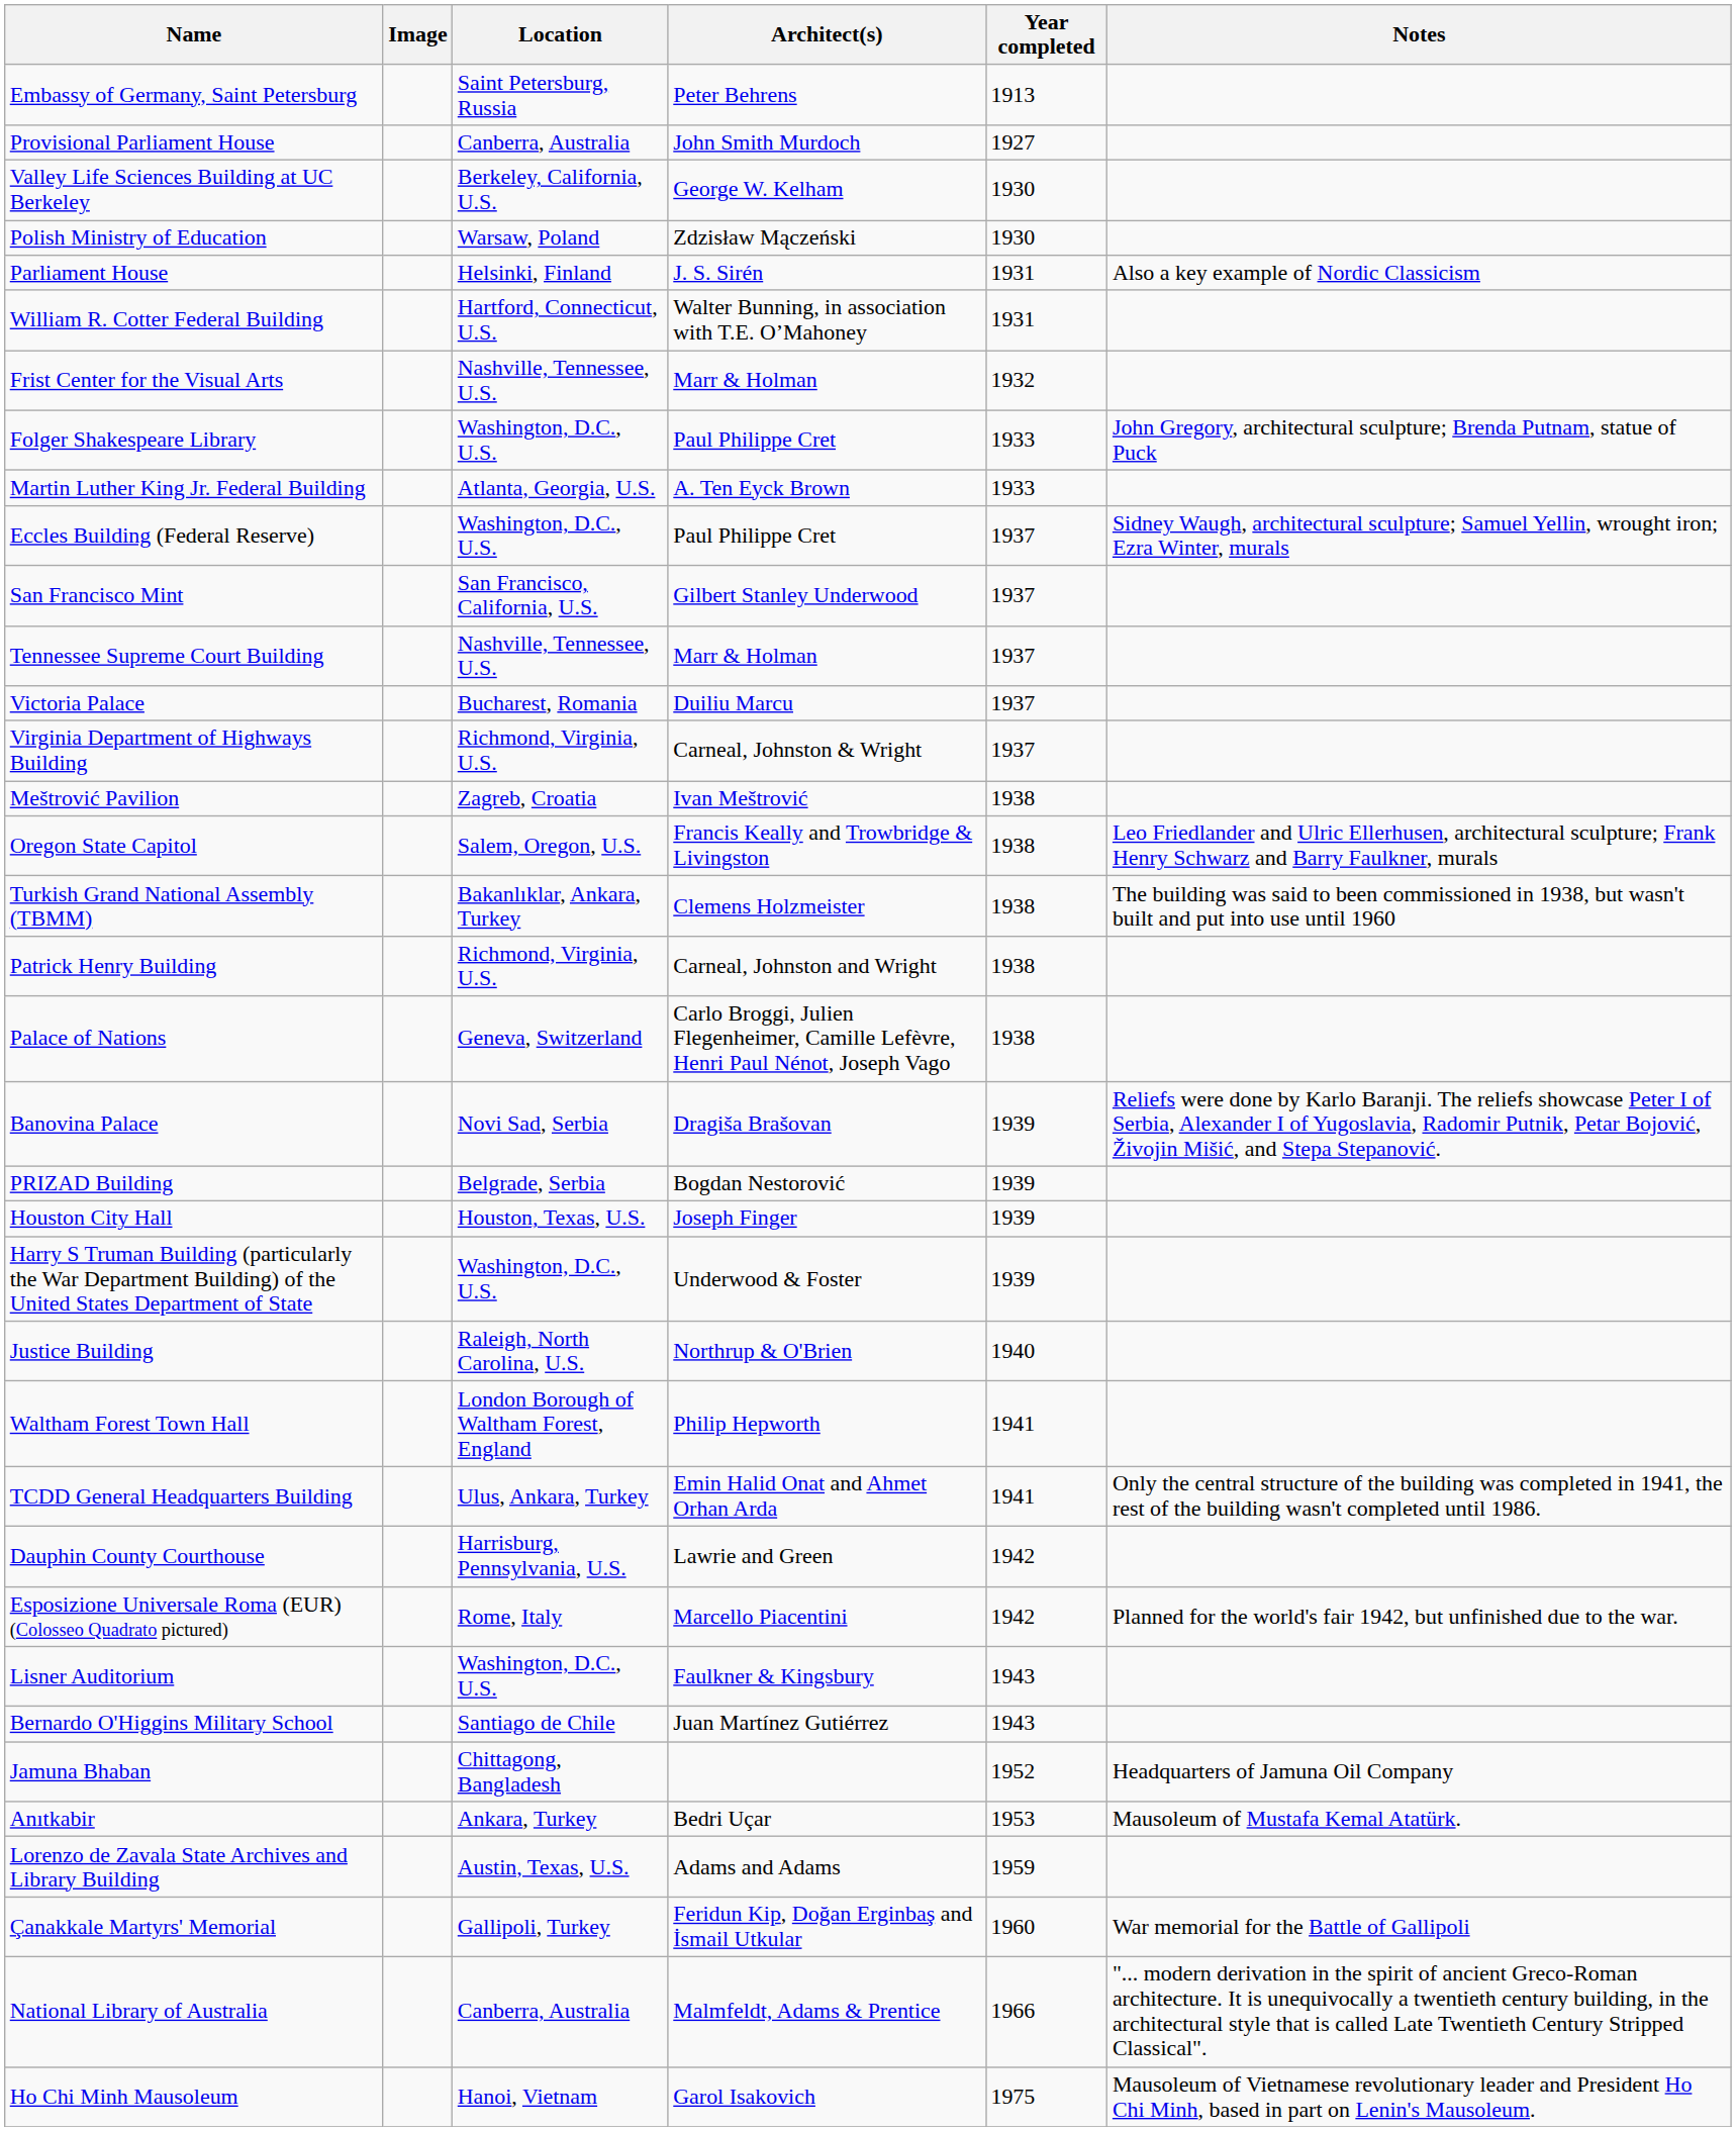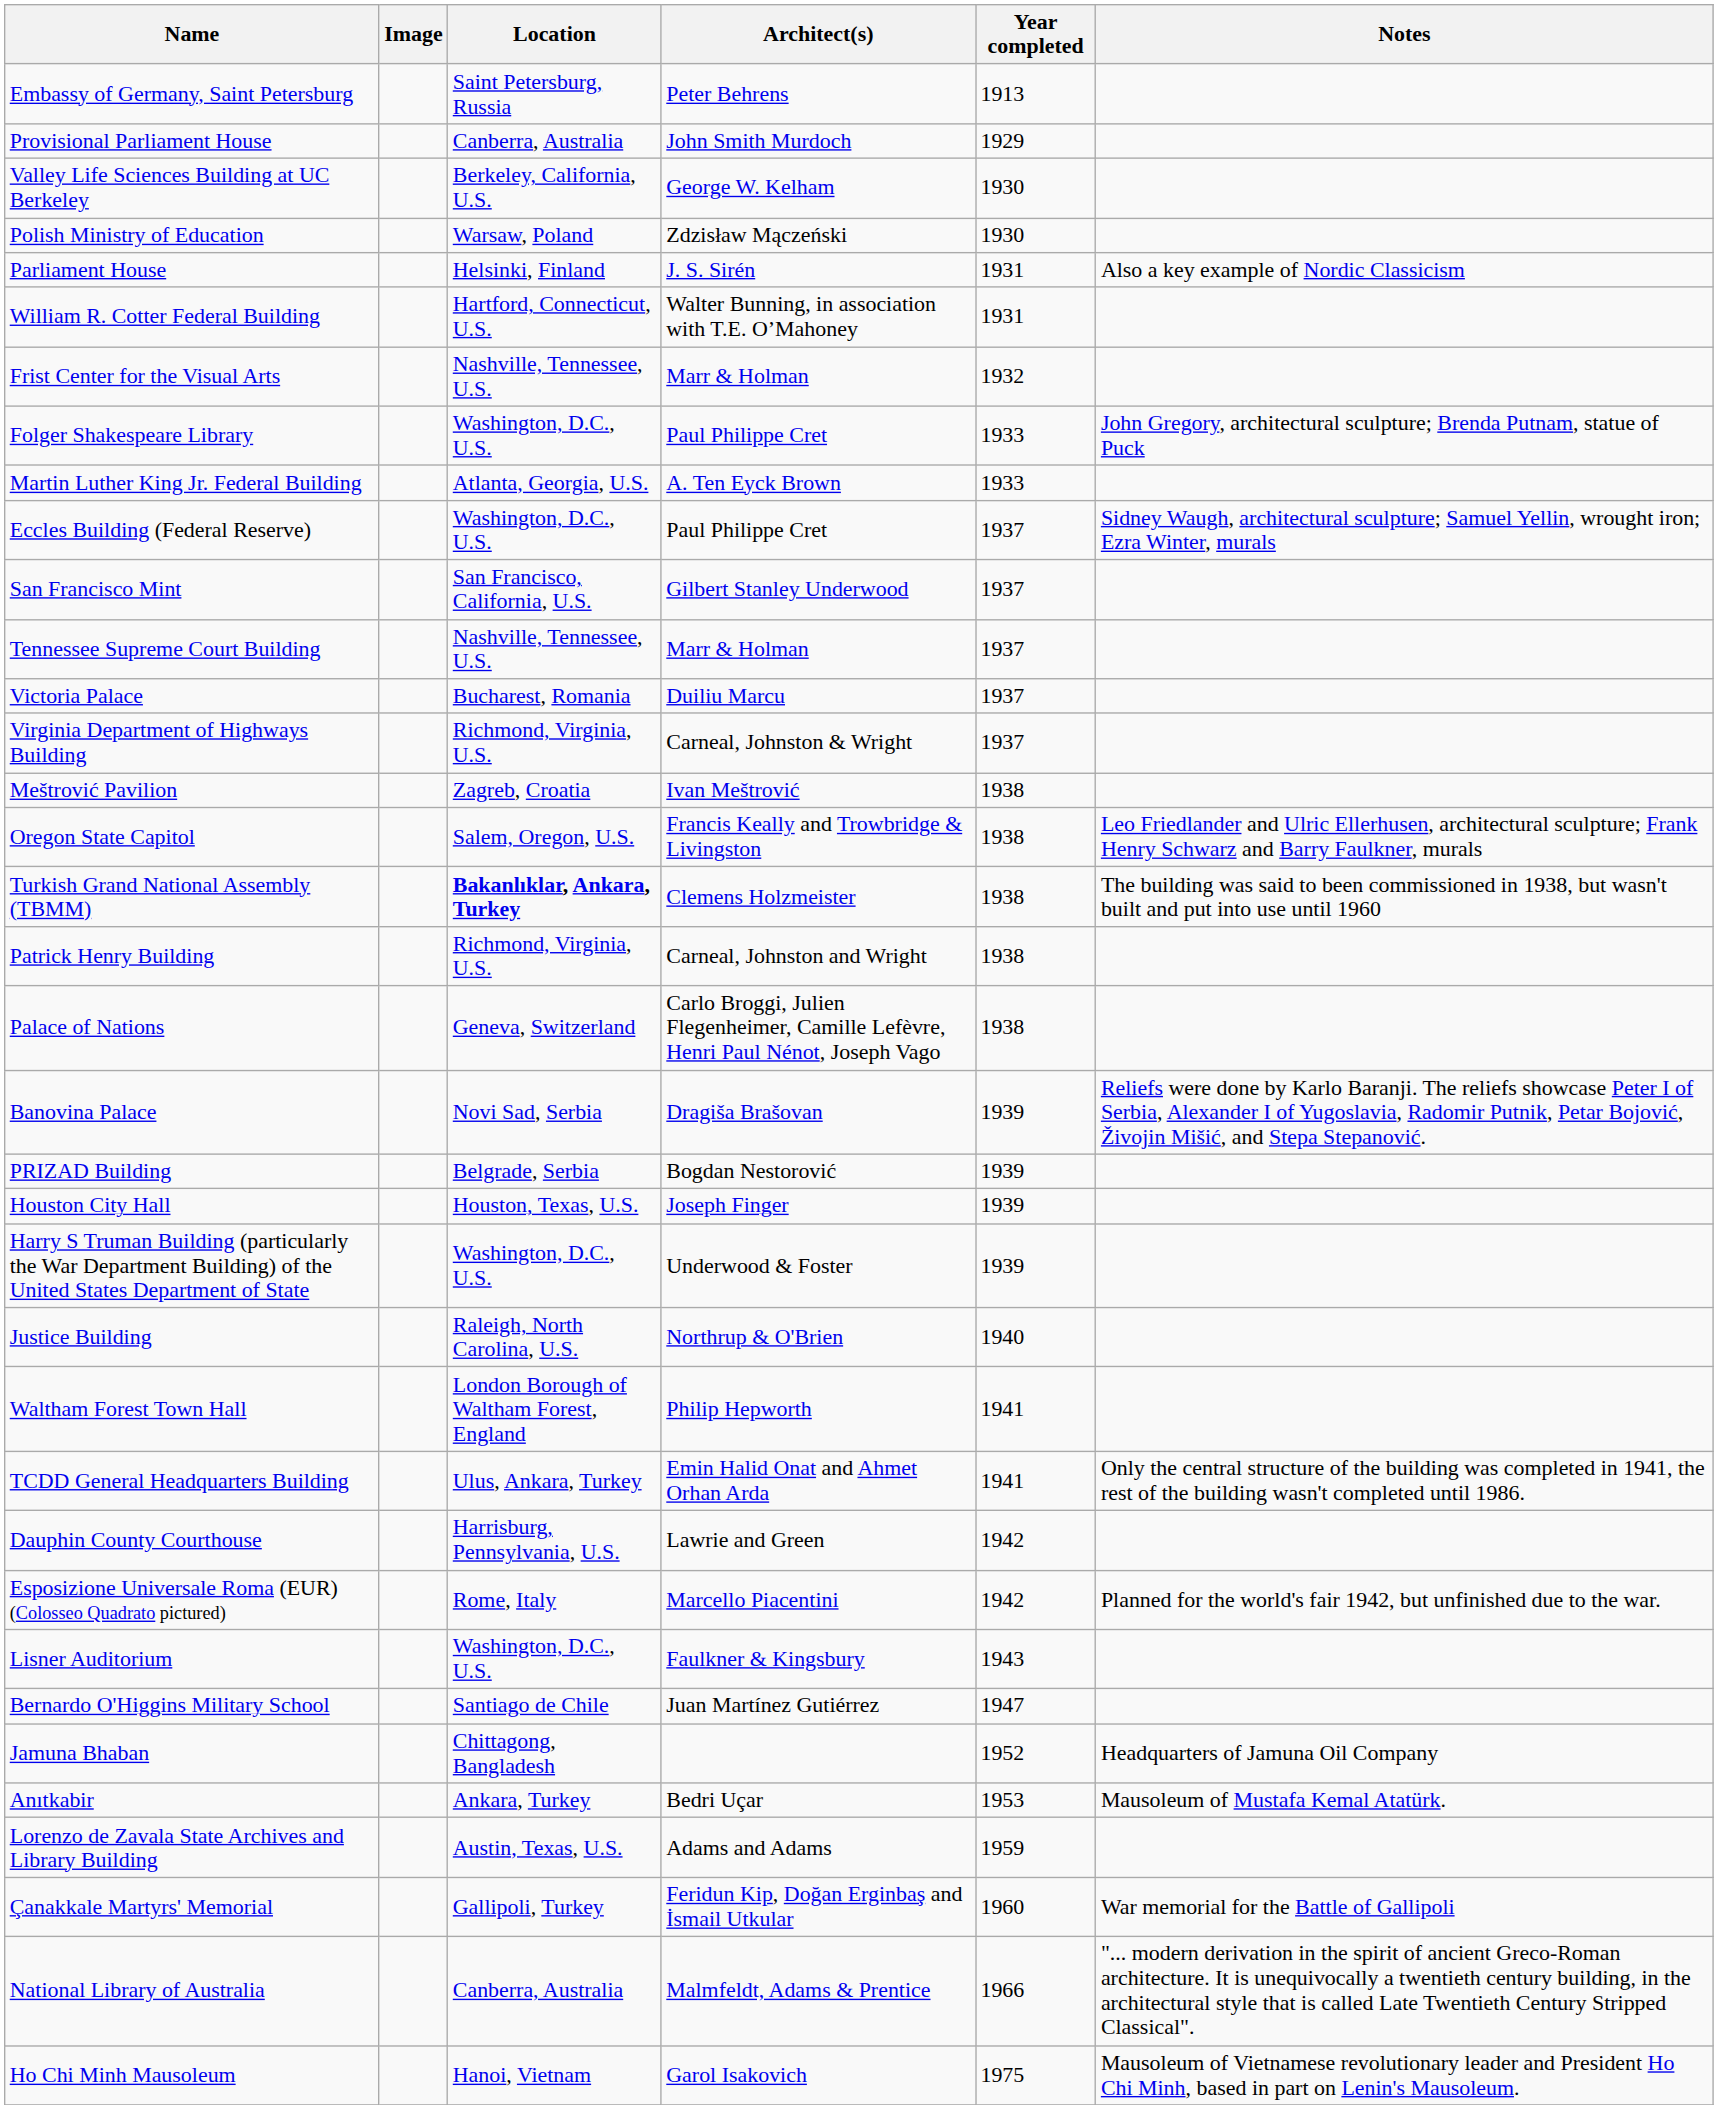 <table class="wikitable sortable">
 <tr>
 <th>Name</th>
 <th class="unsortable">Image</th>
 <th>Location</th>
 <th>Architect(s)</th>
 <th>Year completed</th>
 <th class="unsortable">Notes</th>
 </tr>
 <tr>
 <td><a href='#'>Embassy of Germany, Saint Petersburg</a></td>
 <td></td>
 <td><a href='#'>Saint Petersburg, Russia</a></td>
 <td><a href='#'>Peter Behrens</a></td>
 <td>1913</td>
 <td></td>
 </tr>
 <tr>
 <td><a href='#'>Provisional Parliament House</a></td>
 <td></td>
 <td><a href='#'>Canberra</a>, <a href='#'>Australia</a></td>
 <td><a href='#'>John Smith Murdoch</a></td>
-<td>1927</td>
+<td>1929</td>
 <td></td>
 </tr>
 <tr>
 <td><a href='#'>Valley Life Sciences Building at UC Berkeley</a></td>
 <td></td>
 <td><a href='#'>Berkeley, California</a>, <a href='#'>U.S.</a></td>
 <td><a href='#'>George W. Kelham</a></td>
 <td>1930</td>
 <td></td>
 </tr>
 <tr>
 <td><a href='#'>Polish Ministry of Education</a></td>
 <td></td>
 <td><a href='#'>Warsaw</a>, <a href='#'>Poland</a></td>
 <td>Zdzisław Mączeński</td>
 <td>1930</td>
 <td></td>
 </tr>
 <tr>
 <td><a href='#'>Parliament House</a></td>
 <td></td>
 <td><a href='#'>Helsinki</a>, <a href='#'>Finland</a></td>
 <td><a href='#'>J. S. Sirén</a></td>
 <td>1931</td>
 <td>Also a key example of <a href='#'>Nordic Classicism</a></td>
 </tr>
 <tr>
 <td><a href='#'>William R. Cotter Federal Building</a></td>
 <td></td>
 <td><a href='#'>Hartford, Connecticut</a>, <a href='#'>U.S.</a></td>
 <td>Walter Bunning, in association with T.E. O’Mahoney</td>
 <td>1931</td>
 <td></td>
 </tr>
 <tr>
 <td><a href='#'>Frist Center for the Visual Arts</a></td>
 <td></td>
 <td><a href='#'>Nashville, Tennessee</a>, <a href='#'>U.S.</a></td>
 <td><a href='#'>Marr & Holman</a></td>
 <td>1932</td>
 <td></td>
 </tr>
 <tr>
 <td><a href='#'>Folger Shakespeare Library</a></td>
 <td></td>
 <td><a href='#'>Washington, D.C.</a>, <a href='#'>U.S.</a></td>
 <td><a href='#'>Paul Philippe Cret</a></td>
 <td>1933</td>
 <td><a href='#'>John Gregory</a>, architectural sculpture; <a href='#'>Brenda Putnam</a>, statue of <a href='#'>Puck</a></td>
 </tr>
 <tr>
 <td><a href='#'>Martin Luther King Jr. Federal Building</a></td>
 <td></td>
 <td><a href='#'>Atlanta, Georgia</a>, <a href='#'>U.S.</a></td>
 <td><a href='#'>A. Ten Eyck Brown</a></td>
 <td>1933</td>
 <td></td>
 </tr>
 <tr>
 <td><a href='#'>Eccles Building</a> (Federal Reserve) </td>
 <td></td>
 <td><a href='#'>Washington, D.C.</a>, <a href='#'>U.S.</a></td>
 <td>Paul Philippe Cret</td>
 <td>1937</td>
 <td><a href='#'>Sidney Waugh</a>, <a href='#'>architectural sculpture</a>; <a href='#'>Samuel Yellin</a>, wrought iron; <a href='#'>Ezra Winter</a>, <a href='#'>murals</a></td>
 </tr>
 <tr>
 <td><a href='#'>San Francisco Mint</a></td>
 <td></td>
 <td><a href='#'>San Francisco, California</a>, <a href='#'>U.S.</a></td>
 <td><a href='#'>Gilbert Stanley Underwood</a></td>
 <td>1937</td>
 <td></td>
 </tr>
 <tr>
 <td><a href='#'>Tennessee Supreme Court Building</a></td>
 <td></td>
 <td><a href='#'>Nashville, Tennessee</a>, <a href='#'>U.S.</a></td>
 <td><a href='#'>Marr & Holman</a></td>
 <td>1937</td>
 <td></td>
 </tr>
 <tr>
 <td><a href='#'>Victoria Palace</a></td>
 <td></td>
 <td><a href='#'>Bucharest</a>, <a href='#'>Romania</a></td>
 <td><a href='#'>Duiliu Marcu</a></td>
 <td>1937</td>
 <td></td>
 </tr>
 <tr>
 <td><a href='#'>Virginia Department of Highways Building</a></td>
 <td></td>
 <td><a href='#'>Richmond, Virginia</a>, <a href='#'>U.S.</a></td>
 <td>Carneal, Johnston & Wright</td>
 <td>1937</td>
 <td></td>
 </tr>
 <tr>
 <td><a href='#'>Meštrović Pavilion</a></td>
 <td></td>
 <td><a href='#'>Zagreb</a>, <a href='#'>Croatia</a></td>
 <td><a href='#'>Ivan Meštrović</a></td>
 <td>1938</td>
 <td></td>
 </tr>
 <tr>
 <td><a href='#'>Oregon State Capitol</a></td>
 <td></td>
 <td><a href='#'>Salem, Oregon</a>, <a href='#'>U.S.</a></td>
 <td><a href='#'>Francis Keally</a> and <a href='#'>Trowbridge & Livingston</a></td>
 <td>1938</td>
 <td><a href='#'>Leo Friedlander</a> and <a href='#'>Ulric Ellerhusen</a>, architectural sculpture; <a href='#'>Frank Henry Schwarz</a> and <a href='#'>Barry Faulkner</a>, murals</td>
 </tr>
 <tr>
 <td><a href='#'>Turkish Grand National Assembly (TBMM)</a></td>
 <td></td>
-<td><a href='#'>Bakanlıklar</a>, <a href='#'>Ankara</a>, <a href='#'>Turkey</a></td>
+<td><strong><a href='#'>Bakanlıklar</a>, <a href='#'>Ankara</a>, <a href='#'>Turkey</a></strong></td>
 <td><a href='#'>Clemens Holzmeister</a></td>
 <td>1938</td>
 <td>The building was said to been commissioned in 1938, but wasn't built and put into use until 1960</td>
 </tr>
 <tr>
 <td><a href='#'>Patrick Henry Building</a></td>
 <td></td>
 <td><a href='#'>Richmond, Virginia</a>, <a href='#'>U.S.</a></td>
 <td>Carneal, Johnston and Wright</td>
 <td>1938</td>
 <td></td>
 </tr>
 <tr>
 <td><a href='#'>Palace of Nations</a></td>
 <td></td>
 <td><a href='#'>Geneva</a>, <a href='#'>Switzerland</a></td>
 <td>Carlo Broggi, Julien Flegenheimer, Camille Lefèvre, <a href='#'>Henri Paul Nénot</a>, Joseph Vago</td>
 <td>1938</td>
 <td></td>
 </tr>
 <tr>
 <td><a href='#'>Banovina Palace</a></td>
 <td></td>
 <td><a href='#'>Novi Sad</a>, <a href='#'>Serbia</a></td>
 <td><a href='#'>Dragiša Brašovan</a></td>
 <td>1939</td>
 <td><a href='#'>Reliefs</a> were done by Karlo Baranji. The reliefs showcase <a href='#'>Peter I of Serbia</a>, <a href='#'>Alexander I of Yugoslavia</a>, <a href='#'>Radomir Putnik</a>, <a href='#'>Petar Bojović</a>, <a href='#'>Živojin Mišić</a>, and <a href='#'>Stepa Stepanović</a>.</td>
 </tr>
 <tr>
 <td><a href='#'>PRIZAD Building</a></td>
 <td></td>
 <td><a href='#'>Belgrade</a>, <a href='#'>Serbia</a></td>
 <td>Bogdan Nestorović</td>
 <td>1939</td>
 <td></td>
 </tr>
 <tr>
 <td><a href='#'>Houston City Hall</a></td>
 <td></td>
 <td><a href='#'>Houston, Texas</a>, <a href='#'>U.S.</a></td>
 <td><a href='#'>Joseph Finger</a></td>
 <td>1939</td>
 <td></td>
 </tr>
 <tr>
 <td><a href='#'>Harry S Truman Building</a> (particularly the War Department Building) of the <a href='#'>United States Department of State</a></td>
 <td></td>
 <td><a href='#'>Washington, D.C.</a>, <a href='#'>U.S.</a></td>
 <td>Underwood & Foster</td>
 <td>1939</td>
 <td></td>
 </tr>
 <tr>
 <td><a href='#'>Justice Building</a></td>
 <td></td>
 <td><a href='#'>Raleigh, North Carolina</a>, <a href='#'>U.S.</a></td>
 <td><a href='#'>Northrup & O'Brien</a></td>
 <td>1940</td>
 <td></td>
 </tr>
 <tr>
 <td><a href='#'>Waltham Forest Town Hall</a></td>
 <td></td>
 <td><a href='#'>London Borough of Waltham Forest</a>, <a href='#'>England</a></td>
 <td><a href='#'>Philip Hepworth</a></td>
 <td>1941</td>
 <td></td>
 </tr>
 <tr>
 <td><a href='#'>TCDD General Headquarters Building</a></td>
 <td></td>
 <td><a href='#'>Ulus</a>, <a href='#'>Ankara</a>, <a href='#'>Turkey</a></td>
 <td><a href='#'>Emin Halid Onat</a> and <a href='#'>Ahmet Orhan Arda</a></td>
 <td>1941</td>
 <td>Only the central structure of the building was completed in 1941, the rest of the building wasn't completed until 1986.</td>
 </tr>
 <tr>
 <td><a href='#'>Dauphin County Courthouse</a></td>
 <td></td>
 <td><a href='#'>Harrisburg, Pennsylvania</a>, <a href='#'>U.S.</a></td>
 <td>Lawrie and Green</td>
 <td>1942</td>
 </tr>
 <tr>
 <td><a href='#'>Esposizione Universale Roma</a> (EUR)<br><small>(<a href='#'>Colosseo Quadrato</a> pictured)</small></td>
 <td></td>
 <td><a href='#'>Rome</a>, <a href='#'>Italy</a></td>
 <td><a href='#'>Marcello Piacentini</a></td>
 <td>1942</td>
 <td>Planned for the world's fair 1942, but unfinished due to the war.</td>
 </tr>
 <tr>
 <td><a href='#'>Lisner Auditorium</a></td>
 <td></td>
 <td><a href='#'>Washington, D.C.</a>, <a href='#'>U.S.</a></td>
 <td><a href='#'>Faulkner & Kingsbury</a></td>
 <td>1943</td>
 <td></td>
 </tr>
 <tr>
 <td><a href='#'>Bernardo O'Higgins Military School</a></td>
 <td></td>
 <td><a href='#'>Santiago de Chile</a></td>
 <td>Juan Martínez Gutiérrez</td>
-<td>1943</td>
+<td>1947</td>
 <td></td>
 </tr>
 <tr>
 <td><a href='#'>Jamuna Bhaban</a></td>
 <td></td>
 <td><a href='#'>Chittagong</a>, <a href='#'>Bangladesh</a></td>
 <td></td>
 <td>1952</td>
 <td>Headquarters of Jamuna Oil Company</td>
 </tr>
 <tr>
 <td><a href='#'>Anıtkabir</a></td>
 <td></td>
 <td><a href='#'>Ankara</a>, <a href='#'>Turkey</a></td>
 <td>Bedri Uçar</td>
 <td>1953</td>
 <td>Mausoleum of <a href='#'>Mustafa Kemal Atatürk</a>.</td>
 </tr>
 <tr>
 <td><a href='#'>Lorenzo de Zavala State Archives and Library Building</a></td>
 <td></td>
 <td><a href='#'>Austin, Texas</a>, <a href='#'>U.S.</a></td>
 <td>Adams and Adams</td>
 <td>1959</td>
 <td></td>
 </tr>
 <tr>
 <td><a href='#'>Çanakkale Martyrs' Memorial</a></td>
 <td></td>
 <td><a href='#'>Gallipoli</a>,  <a href='#'>Turkey</a></td>
 <td><a href='#'>Feridun Kip</a>, <a href='#'>Doğan Erginbaş</a> and <a href='#'>İsmail Utkular</a></td>
 <td>1960</td>
 <td>War memorial for the <a href='#'>Battle of Gallipoli</a></td>
 </tr>
 <tr>
 <td><a href='#'>National Library of Australia</a></td>
 <td></td>
 <td><a href='#'>Canberra,  Australia</a></td>
 <td><a href='#'>Malmfeldt, Adams & Prentice</a></td>
 <td>1966</td>
 <td>"... modern derivation in the spirit of ancient Greco-Roman architecture. It is unequivocally a twentieth century building, in the architectural style that is called Late Twentieth Century Stripped Classical".</td>
 </tr>
 <tr>
 <td><a href='#'>Ho Chi Minh Mausoleum</a></td>
 <td></td>
 <td><a href='#'>Hanoi</a>,  <a href='#'>Vietnam</a></td>
 <td><a href='#'>Garol Isakovich</a></td>
 <td>1975</td>
 <td>Mausoleum of Vietnamese revolutionary leader and President <a href='#'>Ho Chi Minh</a>, based in part on <a href='#'>Lenin's Mausoleum</a>.</td>
 </tr>
 </table>
